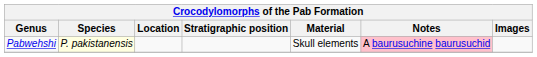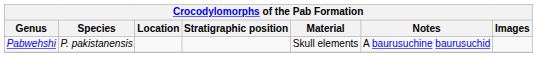 <table class="wikitable" align="center">
 <tr>
 <th colspan="7" align="center"><a href='#'>Crocodylomorphs</a> of the Pab Formation</th>
 </tr>
 <tr>
 <th>Genus</th>
 <th>Species</th>
 <th>Location</th>
 <th>Stratigraphic position</th>
 <th>Material</th>
 <th>Notes</th>
 <th>Images</th>
 </tr>
 <tr>
 <td><em><a href='#'>Pabwehshi</a></em></td>
-<td style="background: lightyellow;"><em>P. pakistanensis </em></td>
+<td><em>P. pakistanensis </em></td>
 <td></td>
 <td></td>
 <td>Skull elements</td>
-<td style="background: pink;">A <a href='#'>baurusuchine</a> <a href='#'>baurusuchid</a></td>
+<td>A <a href='#'>baurusuchine</a> <a href='#'>baurusuchid</a></td>
 <td></td>
 </tr>
 <tr>
 </tr>
 </table>
